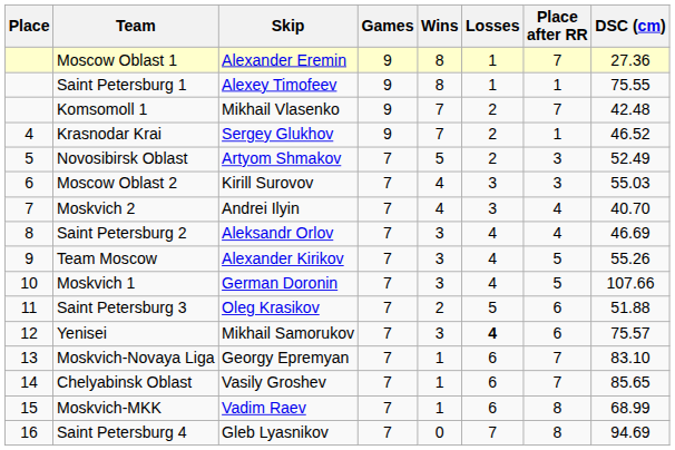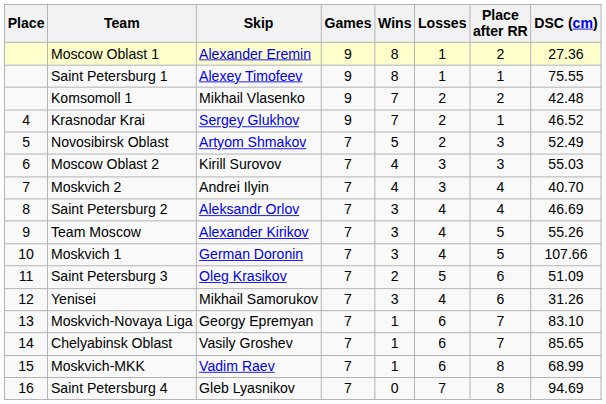 <table class="wikitable" style="text-align:center;">
 <tr>
 <th>Place</th>
 <th>Team</th>
 <th>Skip</th>
 <th>Games</th>
 <th>Wins</th>
 <th>Losses</th>
 <th>Place<br>after RR</th>
 <th>DSC (<a href='#'>cm</a>)</th>
 </tr>
 <tr bgcolor=#ffc>
 <td></td>
 <td align=left> Moscow Oblast 1</td>
 <td align=left><a href='#'>Alexander Eremin</a></td>
 <td>9</td>
 <td>8</td>
 <td>1</td>
-<td>7</td>
+<td>2</td>
 <td>27.36</td>
 </tr>
 <tr>
 <td></td>
 <td align=left> Saint Petersburg 1</td>
 <td align=left><a href='#'>Alexey Timofeev</a></td>
 <td>9</td>
 <td>8</td>
 <td>1</td>
 <td>1</td>
 <td>75.55</td>
 </tr>
 <tr>
 <td></td>
 <td align=left> Komsomoll 1</td>
 <td align=left>Mikhail Vlasenko</td>
 <td>9</td>
 <td>7</td>
 <td>2</td>
-<td>7</td>
+<td>2</td>
 <td>42.48</td>
 </tr>
 <tr>
 <td>4</td>
 <td align=left> Krasnodar Krai</td>
 <td align=left><a href='#'>Sergey Glukhov</a></td>
 <td>9</td>
 <td>7</td>
 <td>2</td>
 <td>1</td>
 <td>46.52</td>
 </tr>
 <tr>
 <td>5</td>
 <td align=left> Novosibirsk Oblast</td>
 <td align=left><a href='#'>Artyom Shmakov</a></td>
 <td>7</td>
 <td>5</td>
 <td>2</td>
 <td>3</td>
 <td>52.49</td>
 </tr>
 <tr>
 <td>6</td>
 <td align=left> Moscow Oblast 2</td>
 <td align=left>Kirill Surovov</td>
 <td>7</td>
 <td>4</td>
 <td>3</td>
 <td>3</td>
 <td>55.03</td>
 </tr>
 <tr>
 <td>7</td>
 <td align=left> Moskvich 2</td>
 <td align=left>Andrei Ilyin</td>
 <td>7</td>
 <td>4</td>
 <td>3</td>
 <td>4</td>
 <td>40.70</td>
 </tr>
 <tr>
 <td>8</td>
 <td align=left> Saint Petersburg 2</td>
 <td align=left><a href='#'>Aleksandr Orlov</a></td>
 <td>7</td>
 <td>3</td>
 <td>4</td>
 <td>4</td>
 <td>46.69</td>
 </tr>
 <tr>
 <td>9</td>
 <td align=left> Team Moscow</td>
 <td align=left><a href='#'>Alexander Kirikov</a></td>
 <td>7</td>
 <td>3</td>
 <td>4</td>
 <td>5</td>
 <td>55.26</td>
 </tr>
 <tr>
 <td>10</td>
 <td align=left> Moskvich 1</td>
 <td align=left><a href='#'>German Doronin</a></td>
 <td>7</td>
 <td>3</td>
 <td>4</td>
 <td>5</td>
 <td>107.66</td>
 </tr>
 <tr>
 <td>11</td>
 <td align=left> Saint Petersburg 3</td>
 <td align=left><a href='#'>Oleg Krasikov</a></td>
 <td>7</td>
 <td>2</td>
 <td>5</td>
 <td>6</td>
-<td>51.88</td>
+<td>51.09</td>
 </tr>
 <tr>
 <td>12</td>
 <td align=left> Yenisei</td>
 <td align=left>Mikhail Samorukov</td>
 <td>7</td>
 <td>3</td>
-<td><strong>4</strong></td>
+<td>4</td>
 <td>6</td>
-<td>75.57</td>
+<td>31.26</td>
 </tr>
 <tr>
 <td>13</td>
 <td align=left> Moskvich-Novaya Liga</td>
 <td align=left>Georgy Epremyan</td>
 <td>7</td>
 <td>1</td>
 <td>6</td>
 <td>7</td>
 <td>83.10</td>
 </tr>
 <tr>
 <td>14</td>
 <td align=left> Chelyabinsk Oblast</td>
 <td align=left>Vasily Groshev</td>
 <td>7</td>
 <td>1</td>
 <td>6</td>
 <td>7</td>
 <td>85.65</td>
 </tr>
 <tr>
 <td>15</td>
 <td align=left> Moskvich-MKK</td>
 <td align=left><a href='#'>Vadim Raev</a></td>
 <td>7</td>
 <td>1</td>
 <td>6</td>
 <td>8</td>
 <td>68.99</td>
 </tr>
 <tr>
 <td>16</td>
 <td align=left> Saint Petersburg 4</td>
 <td align=left>Gleb Lyasnikov</td>
 <td>7</td>
 <td>0</td>
 <td>7</td>
 <td>8</td>
 <td>94.69</td>
 </tr>
 </table>
